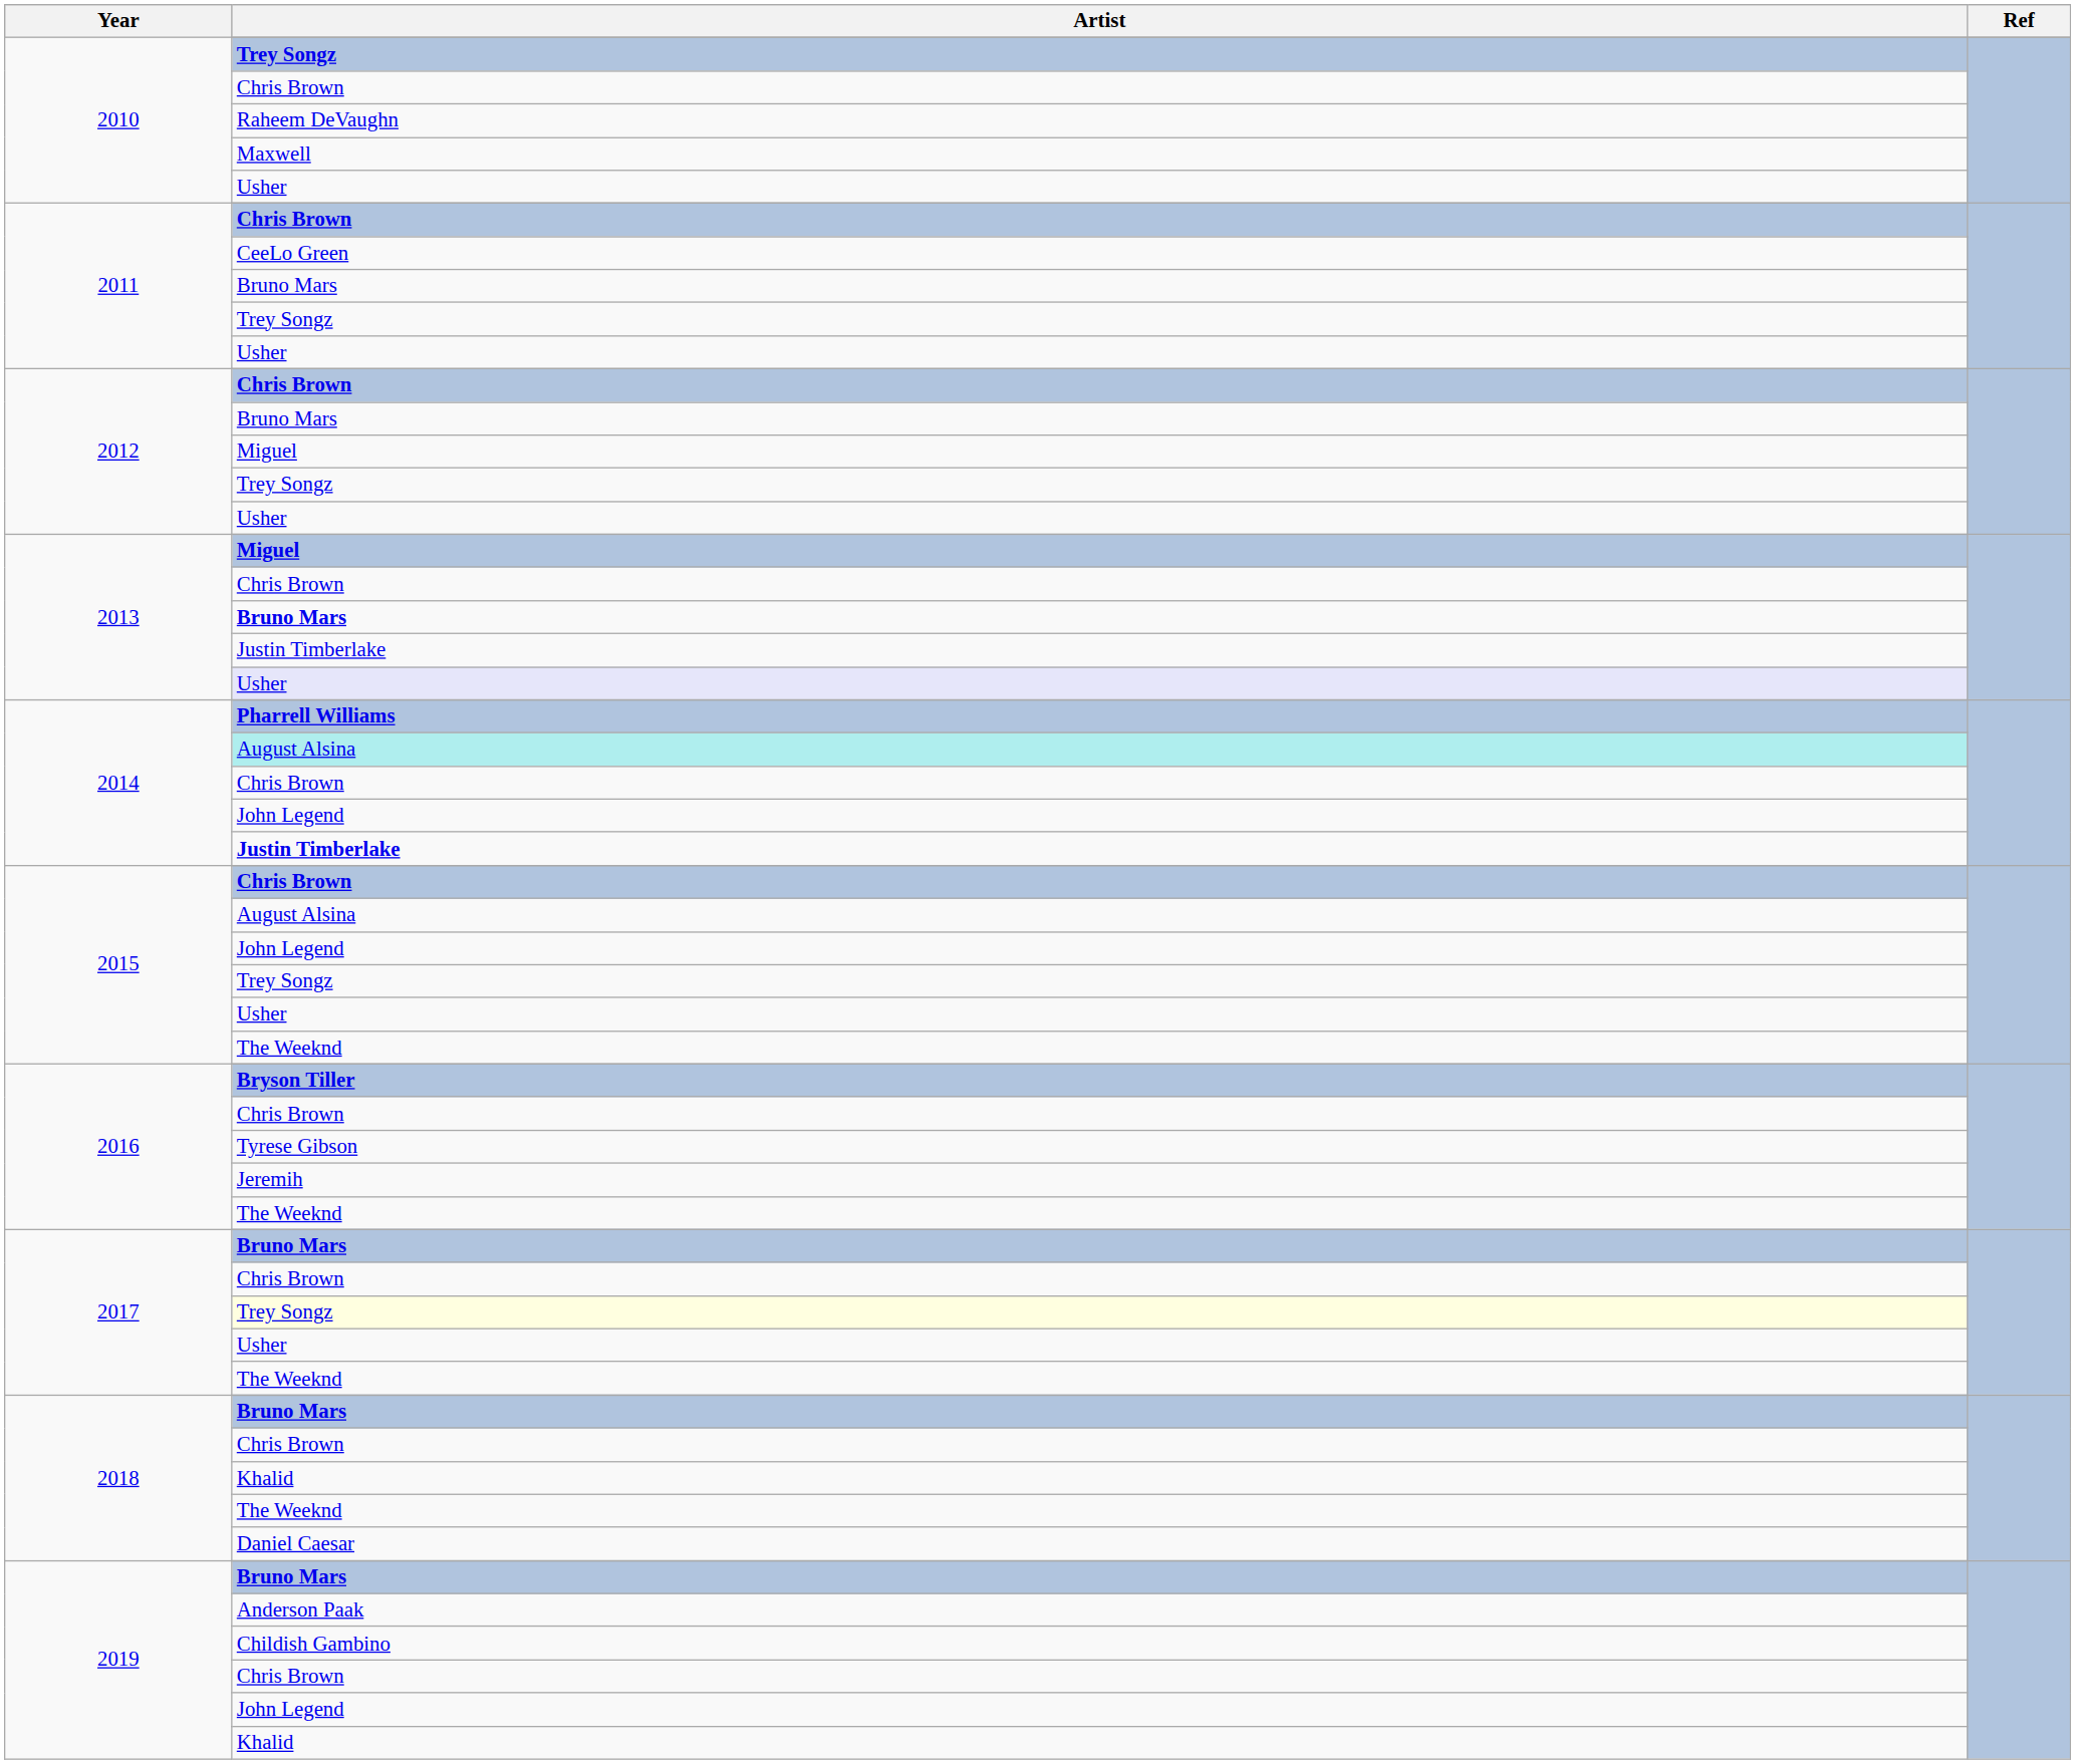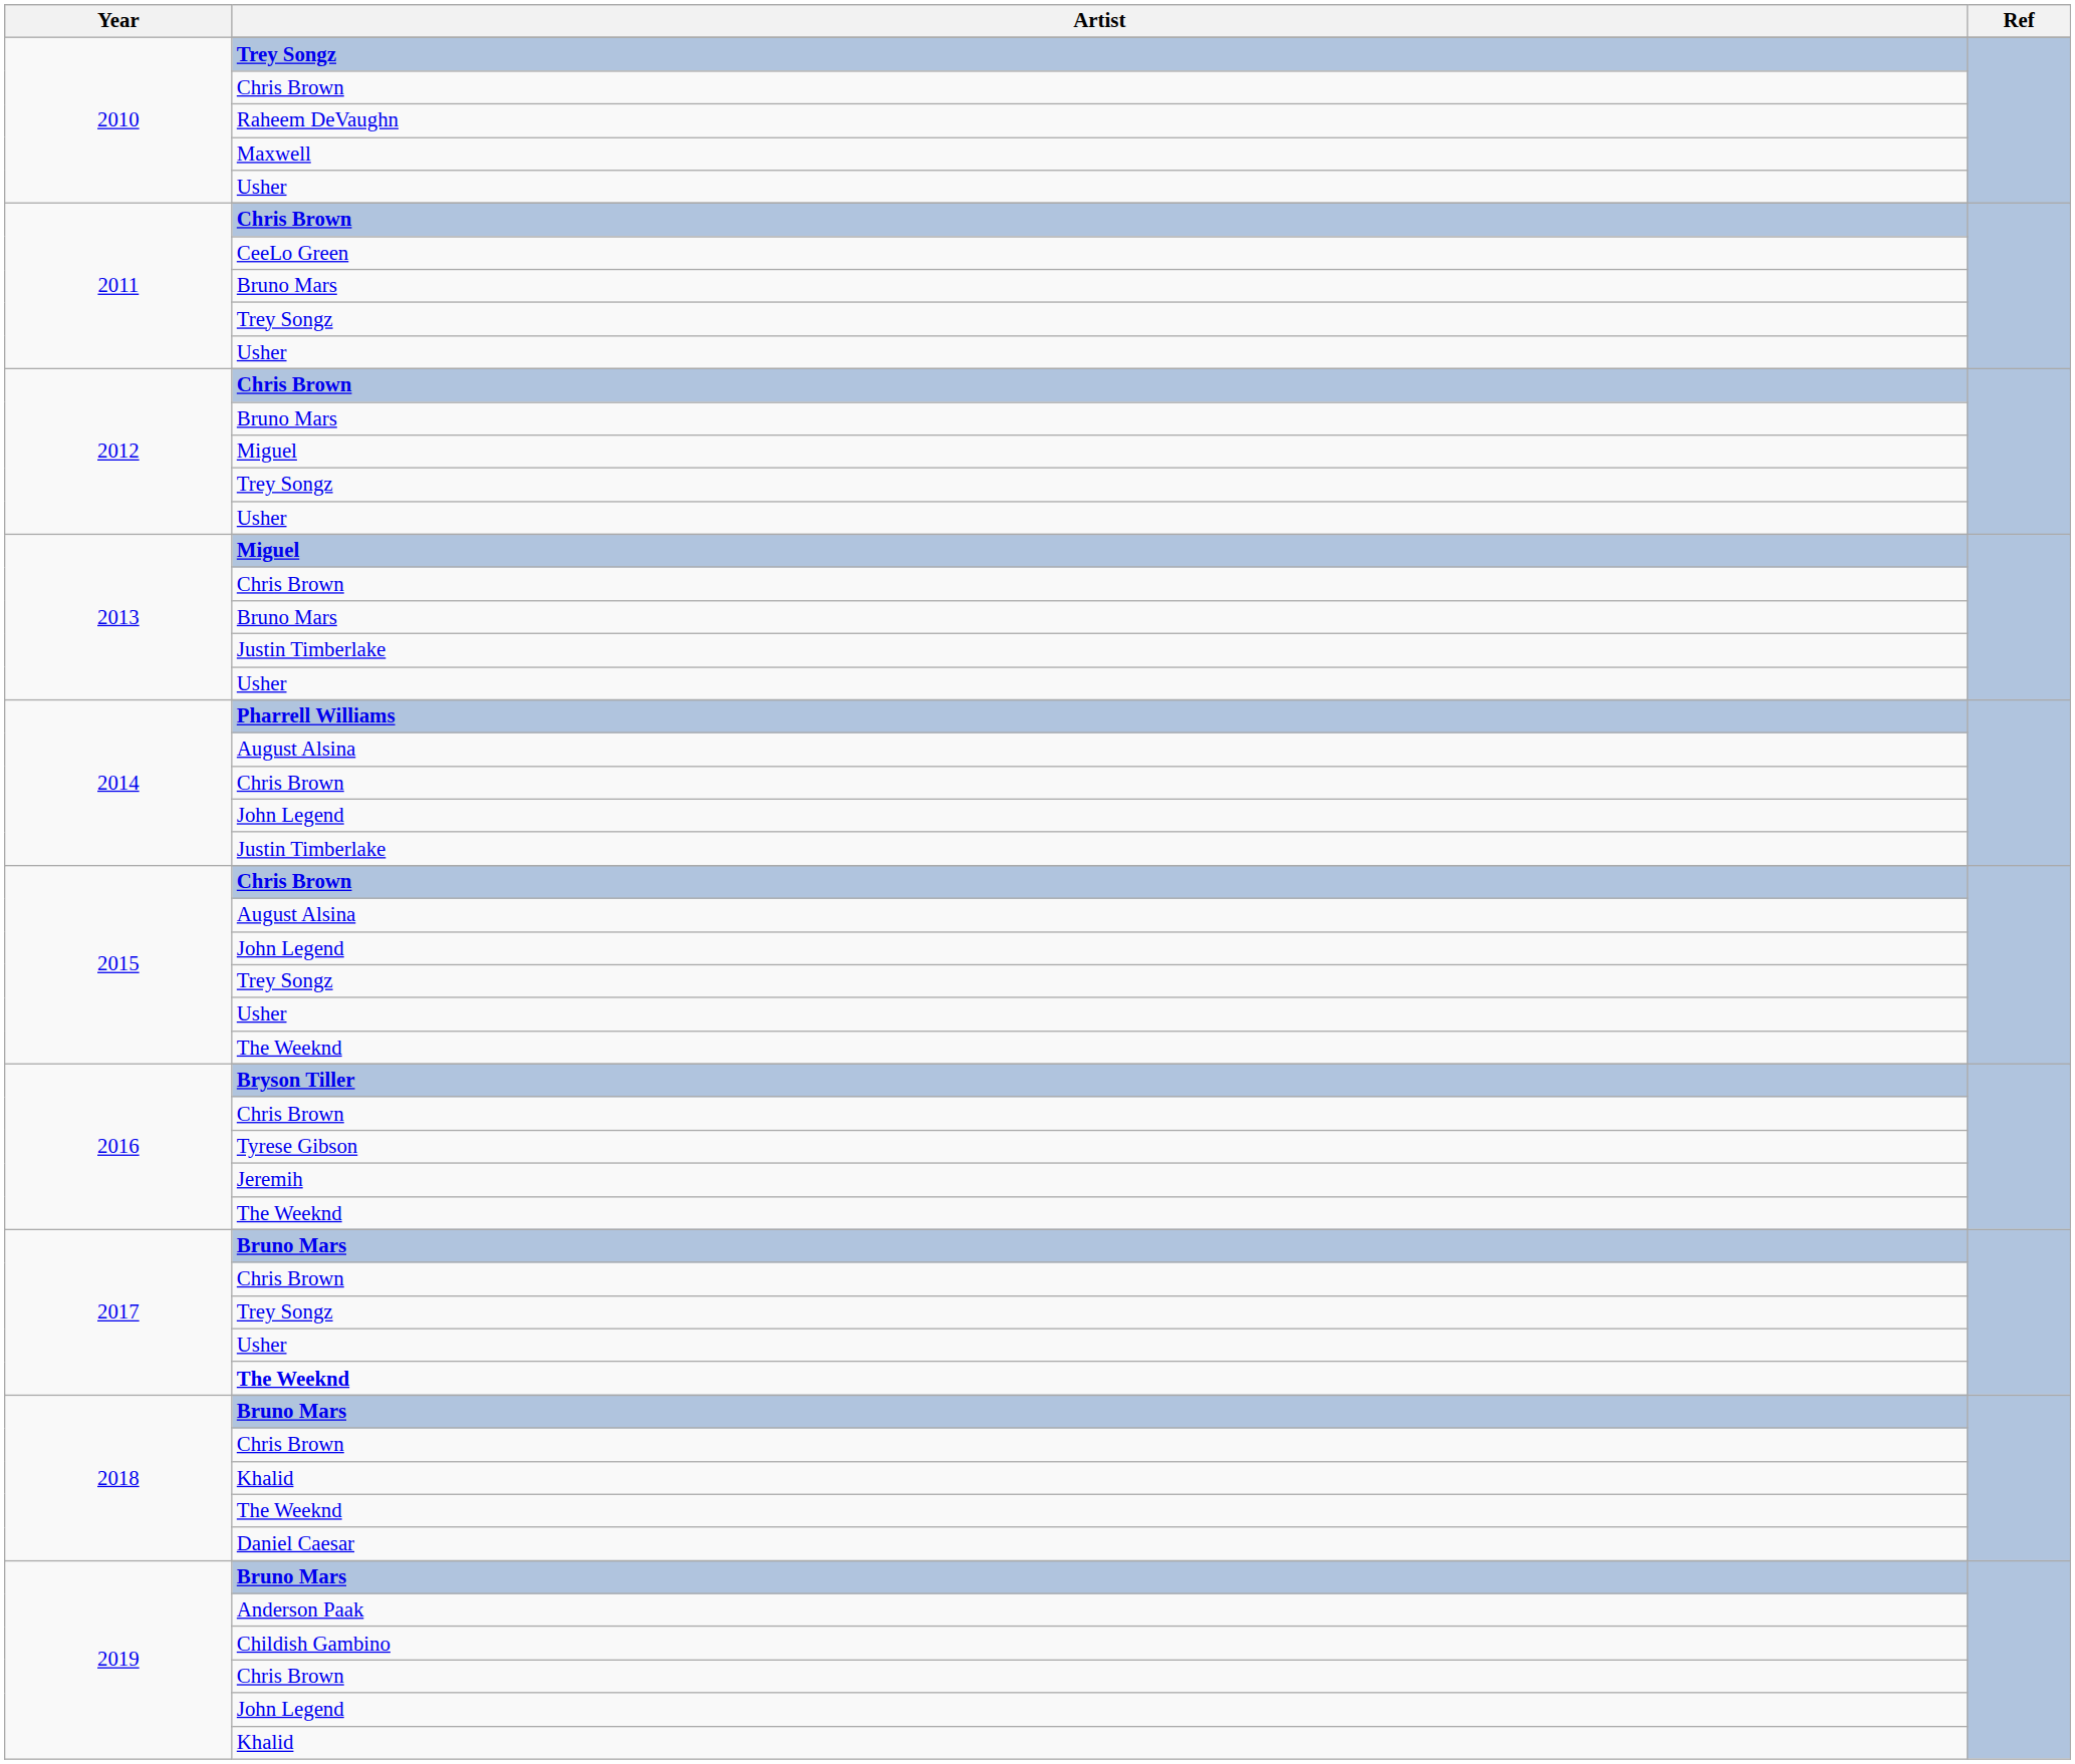 <table class="wikitable" style="width:100%;">
 <tr style="background:#bebebe;">
 <th style="width:11%;">Year</th>
 <th style="width:84%;">Artist</th>
 <th style="width:5%;">Ref</th>
 </tr>
 <tr>
 <td rowspan="6" align="center"><a href='#'>2010</a></td>
 </tr>
 <tr style="background:#B0C4DE">
 <td><strong><a href='#'>Trey Songz</a></strong></td>
 <td rowspan="6" align="center"></td>
 </tr>
 <tr>
 <td><a href='#'>Chris Brown</a></td>
 </tr>
 <tr>
 <td><a href='#'>Raheem DeVaughn</a></td>
 </tr>
 <tr>
 <td><a href='#'>Maxwell</a></td>
 </tr>
 <tr>
 <td><a href='#'>Usher</a></td>
 </tr>
 <tr>
 <td rowspan="6" align="center"><a href='#'>2011</a></td>
 </tr>
 <tr style="background:#B0C4DE">
 <td><strong><a href='#'>Chris Brown</a></strong></td>
 <td rowspan="6" align="center"></td>
 </tr>
 <tr>
 <td><a href='#'>CeeLo Green</a></td>
 </tr>
 <tr>
 <td><a href='#'>Bruno Mars</a></td>
 </tr>
 <tr>
 <td><a href='#'>Trey Songz</a></td>
 </tr>
 <tr>
 <td><a href='#'>Usher</a></td>
 </tr>
 <tr>
 <td rowspan="6" align="center"><a href='#'>2012</a></td>
 </tr>
 <tr style="background:#B0C4DE">
 <td><strong><a href='#'>Chris Brown</a></strong></td>
 <td rowspan="6" align="center"></td>
 </tr>
 <tr>
 <td><a href='#'>Bruno Mars</a></td>
 </tr>
 <tr>
 <td><a href='#'>Miguel</a></td>
 </tr>
 <tr>
 <td><a href='#'>Trey Songz</a></td>
 </tr>
 <tr>
 <td><a href='#'>Usher</a></td>
 </tr>
 <tr>
 <td rowspan="6" align="center"><a href='#'>2013</a></td>
 </tr>
 <tr style="background:#B0C4DE">
 <td><strong><a href='#'>Miguel</a></strong></td>
 <td rowspan="6" align="center"></td>
 </tr>
 <tr>
 <td><a href='#'>Chris Brown</a></td>
 </tr>
 <tr>
-<td><strong><a href='#'>Bruno Mars</a></strong></td>
+<td><a href='#'>Bruno Mars</a></td>
 </tr>
 <tr>
 <td><a href='#'>Justin Timberlake</a></td>
 </tr>
 <tr>
-<td style="background: lavender;"><a href='#'>Usher</a></td>
+<td><a href='#'>Usher</a></td>
 </tr>
 <tr>
 <td rowspan="6" align="center"><a href='#'>2014</a></td>
 </tr>
 <tr style="background:#B0C4DE">
 <td><strong><a href='#'>Pharrell Williams</a></strong></td>
 <td rowspan="6" align="center"></td>
 </tr>
 <tr>
-<td style="background: paleturquoise;"><a href='#'>August Alsina</a></td>
+<td><a href='#'>August Alsina</a></td>
 </tr>
 <tr>
 <td><a href='#'>Chris Brown</a></td>
 </tr>
 <tr>
 <td><a href='#'>John Legend</a></td>
 </tr>
 <tr>
-<td><strong><a href='#'>Justin Timberlake</a></strong></td>
+<td><a href='#'>Justin Timberlake</a></td>
 </tr>
 <tr>
 <td rowspan="7" align="center"><a href='#'>2015</a></td>
 </tr>
 <tr style="background:#B0C4DE">
 <td><strong><a href='#'>Chris Brown</a></strong></td>
 <td rowspan="7" align="center"></td>
 </tr>
 <tr>
 <td><a href='#'>August Alsina</a></td>
 </tr>
 <tr>
 <td><a href='#'>John Legend</a></td>
 </tr>
 <tr>
 <td><a href='#'>Trey Songz</a></td>
 </tr>
 <tr>
 <td><a href='#'>Usher</a></td>
 </tr>
 <tr>
 <td><a href='#'>The Weeknd</a></td>
 </tr>
 <tr>
 <td rowspan="6" align="center"><a href='#'>2016</a></td>
 </tr>
 <tr style="background:#B0C4DE">
 <td><strong><a href='#'>Bryson Tiller</a></strong></td>
 <td rowspan="6" align="center"></td>
 </tr>
 <tr>
 <td><a href='#'>Chris Brown</a></td>
 </tr>
 <tr>
 <td><a href='#'>Tyrese Gibson</a></td>
 </tr>
 <tr>
 <td><a href='#'>Jeremih</a></td>
 </tr>
 <tr>
 <td><a href='#'>The Weeknd</a></td>
 </tr>
 <tr>
 <td rowspan="6" align="center"><a href='#'>2017</a></td>
 </tr>
 <tr style="background:#B0C4DE">
 <td><strong><a href='#'>Bruno Mars</a></strong></td>
 <td rowspan="6" align="center"></td>
 </tr>
 <tr>
 <td><a href='#'>Chris Brown</a></td>
 </tr>
 <tr>
-<td style="background: lightyellow;"><a href='#'>Trey Songz</a></td>
+<td><a href='#'>Trey Songz</a></td>
 </tr>
 <tr>
 <td><a href='#'>Usher</a></td>
 </tr>
 <tr>
-<td><a href='#'>The Weeknd</a></td>
+<td><strong><a href='#'>The Weeknd</a></strong></td>
 </tr>
 <tr>
 <td rowspan="6" align="center"><a href='#'>2018</a></td>
 </tr>
 <tr style="background:#B0C4DE">
 <td><strong><a href='#'>Bruno Mars</a></strong></td>
 <td rowspan="6" align="center"></td>
 </tr>
 <tr>
 <td><a href='#'>Chris Brown</a></td>
 </tr>
 <tr>
 <td><a href='#'>Khalid</a></td>
 </tr>
 <tr>
 <td><a href='#'>The Weeknd</a></td>
 </tr>
 <tr>
 <td><a href='#'>Daniel Caesar</a></td>
 </tr>
 <tr>
 <td rowspan="7" align="center"><a href='#'>2019</a></td>
 </tr>
 <tr style="background:#B0C4DE">
 <td><strong><a href='#'>Bruno Mars</a></strong></td>
 <td rowspan="7" align="center"></td>
 </tr>
 <tr>
 <td><a href='#'>Anderson Paak</a></td>
 </tr>
 <tr>
 <td><a href='#'>Childish Gambino</a></td>
 </tr>
 <tr>
 <td><a href='#'>Chris Brown</a></td>
 </tr>
 <tr>
 <td><a href='#'>John Legend</a></td>
 </tr>
 <tr>
 <td><a href='#'>Khalid</a></td>
 </tr>
 </table>
